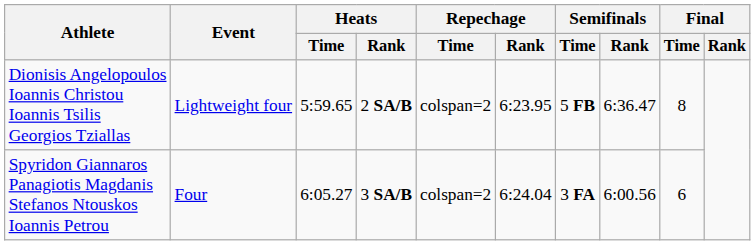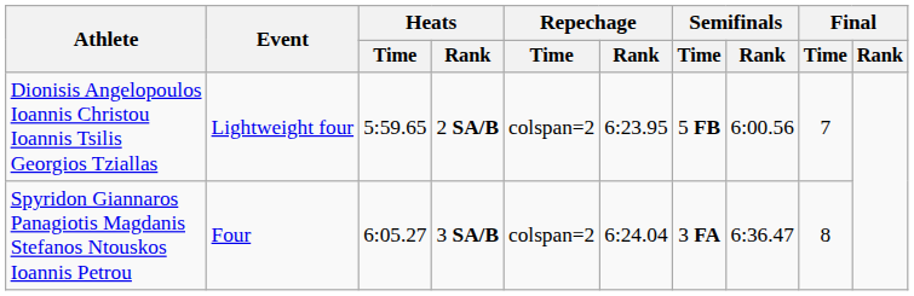 <table class="wikitable" style="font-size:90%">
 <tr>
 <th rowspan="2">Athlete</th>
 <th rowspan="2">Event</th>
 <th colspan="2">Heats</th>
 <th colspan="2">Repechage</th>
 <th colspan="2">Semifinals</th>
 <th colspan="2">Final</th>
 </tr>
 <tr style="font-size:95%">
 <th>Time</th>
 <th>Rank</th>
 <th>Time</th>
 <th>Rank</th>
 <th>Time</th>
 <th>Rank</th>
 <th>Time</th>
 <th>Rank</th>
 </tr>
 <tr align=center>
 <td align=left><a href='#'>Dionisis Angelopoulos</a><br><a href='#'>Ioannis Christou</a><br><a href='#'>Ioannis Tsilis</a><br><a href='#'>Georgios Tziallas</a></td>
 <td align=left><a href='#'>Lightweight four</a></td>
 <td>5:59.65</td>
 <td>2 <strong>SA/B</strong></td>
 <td>colspan=2 </td>
 <td>6:23.95</td>
 <td>5 <strong>FB</strong></td>
-<td>6:36.47</td>
-<td>8</td>
+<td>6:00.56</td>
+<td>7</td>
 </tr>
 <tr align=center>
 <td align=left><a href='#'>Spyridon Giannaros</a><br><a href='#'>Panagiotis Magdanis</a><br><a href='#'>Stefanos Ntouskos</a><br><a href='#'>Ioannis Petrou</a></td>
 <td align=left><a href='#'>Four</a></td>
 <td>6:05.27</td>
 <td>3 <strong>SA/B</strong></td>
 <td>colspan=2 </td>
 <td>6:24.04</td>
 <td>3 <strong>FA</strong></td>
-<td>6:00.56</td>
-<td>6</td>
+<td>6:36.47</td>
+<td>8</td>
 </tr>
 </table>
